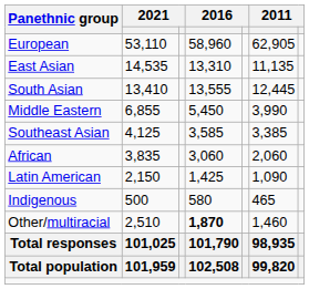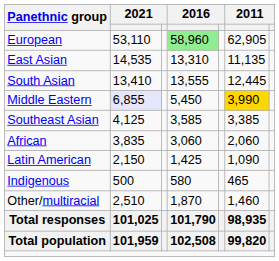 <table class="wikitable collapsible sortable">
 <tr>
 <th rowspan="2"><a href='#'>Panethnic</a> group</th>
 <th colspan="2">2021</th>
 <th colspan="2">2016</th>
 <th colspan="2">2011</th>
 </tr>
 <tr>
 <th><a href='#'></a></th>
 <th></th>
 <th></th>
 <th></th>
 <th></th>
 <th></th>
 </tr>
 <tr>
 <td><a href='#'>European</a></td>
 <td>53,110</td>
 <td></td>
-<td>58,960</td>
+<td style="background: lightgreen;">58,960</td>
 <td></td>
 <td>62,905</td>
 <td></td>
 </tr>
 <tr>
 <td><a href='#'>East Asian</a></td>
 <td>14,535</td>
 <td></td>
 <td>13,310</td>
 <td></td>
 <td>11,135</td>
 <td></td>
 </tr>
 <tr>
 <td><a href='#'>South Asian</a></td>
 <td>13,410</td>
 <td></td>
 <td>13,555</td>
 <td></td>
 <td>12,445</td>
 <td></td>
 </tr>
 <tr>
 <td><a href='#'>Middle Eastern</a></td>
-<td>6,855</td>
+<td style="background: lavender;">6,855</td>
 <td></td>
 <td>5,450</td>
 <td></td>
-<td>3,990</td>
+<td style="background: gold;">3,990</td>
 <td></td>
 </tr>
 <tr>
 <td><a href='#'>Southeast Asian</a></td>
 <td>4,125</td>
 <td></td>
 <td>3,585</td>
 <td></td>
 <td>3,385</td>
 <td></td>
 </tr>
 <tr>
 <td><a href='#'>African</a></td>
 <td>3,835</td>
 <td></td>
 <td>3,060</td>
 <td></td>
 <td>2,060</td>
 <td></td>
 </tr>
 <tr>
 <td><a href='#'>Latin American</a></td>
 <td>2,150</td>
 <td></td>
 <td>1,425</td>
 <td></td>
 <td>1,090</td>
 <td></td>
 </tr>
 <tr>
 <td><a href='#'>Indigenous</a></td>
 <td>500</td>
 <td></td>
 <td>580</td>
 <td></td>
 <td>465</td>
 <td></td>
 </tr>
 <tr>
 <td>Other/<a href='#'>multiracial</a></td>
 <td>2,510</td>
 <td></td>
-<td><strong>1,870</strong></td>
+<td>1,870</td>
 <td></td>
 <td>1,460</td>
 <td></td>
 </tr>
 <tr>
 <th>Total responses</th>
 <th>101,025</th>
 <th></th>
 <th>101,790</th>
 <th></th>
 <th>98,935</th>
 <th></th>
 </tr>
 <tr class="sortbottom">
 <th>Total population</th>
 <th>101,959</th>
 <th></th>
 <th>102,508</th>
 <th></th>
 <th>99,820</th>
 <th></th>
 </tr>
 <tr class="sortbottom">
 <td colspan="15"></td>
 </tr>
 </table>
